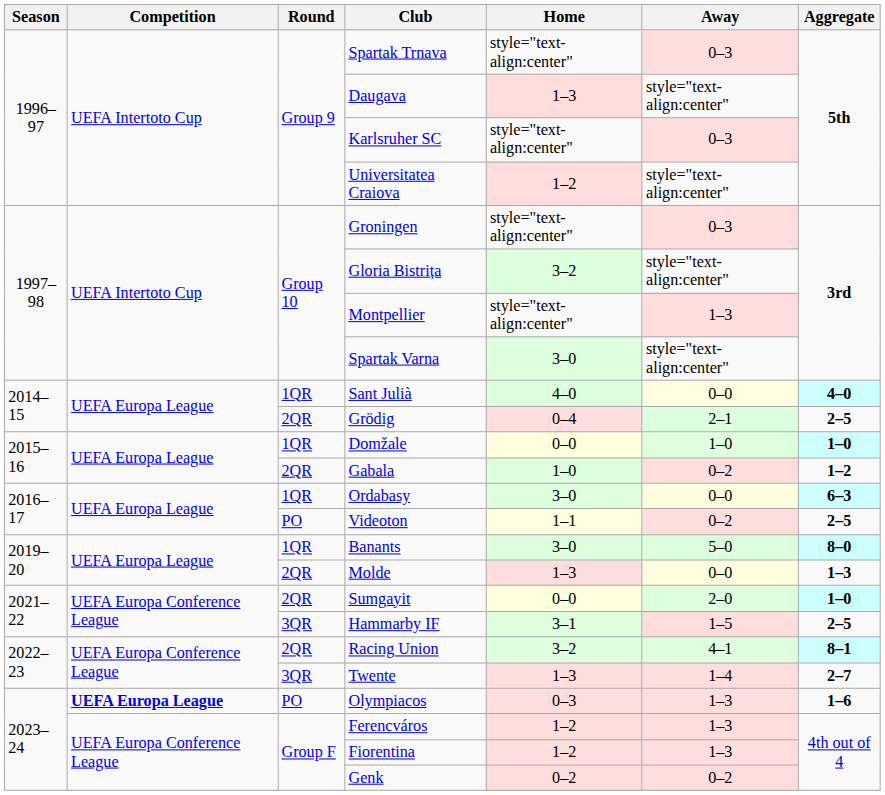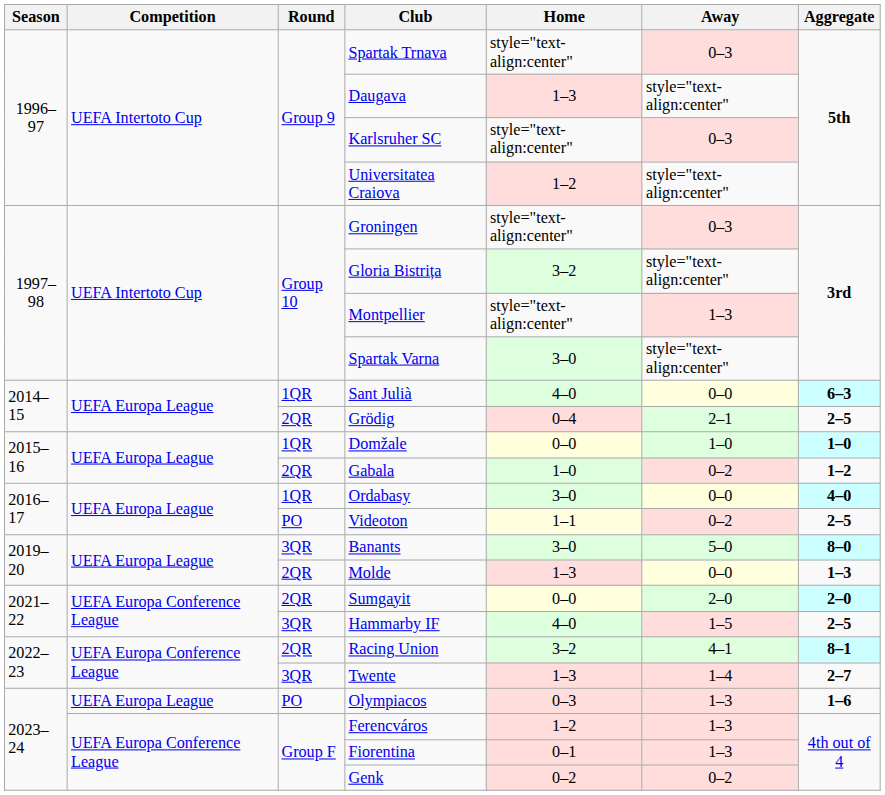 <table class="wikitable" style="text-align:left">
 <tr ! Home>
 <th>Season</th>
 <th>Competition</th>
 <th>Round</th>
 <th>Club</th>
 <th>Home</th>
 <th>Away</th>
 <th>Aggregate</th>
 </tr>
 <tr>
 <td rowspan="4" style="text-align:center">1996–97</td>
 <td rowspan="4"><a href='#'>UEFA Intertoto Cup</a></td>
 <td rowspan="4"><a href='#'>Group 9</a></td>
 <td> <a href='#'>Spartak Trnava</a></td>
 <td>style="text-align:center" </td>
 <td style="text-align:center; background:#fdd">0–3</td>
 <td style="text-align:center" rowspan="4"><strong>5th</strong></td>
 </tr>
 <tr>
 <td> <a href='#'>Daugava</a></td>
 <td style="text-align:center; background:#fdd">1–3</td>
 <td>style="text-align:center" </td>
 </tr>
 <tr>
 <td> <a href='#'>Karlsruher SC</a></td>
 <td>style="text-align:center" </td>
 <td style="text-align:center; background:#fdd">0–3</td>
 </tr>
 <tr>
 <td> <a href='#'>Universitatea Craiova</a></td>
 <td style="text-align:center; background:#fdd">1–2</td>
 <td>style="text-align:center" </td>
 </tr>
 <tr>
 <td rowspan="4" style="text-align:center">1997–98</td>
 <td rowspan="4"><a href='#'>UEFA Intertoto Cup</a></td>
 <td rowspan="4"><a href='#'>Group 10</a></td>
 <td> <a href='#'>Groningen</a></td>
 <td>style="text-align:center" </td>
 <td style="text-align:center; background:#fdd">0–3</td>
 <td rowspan="4" align="center"><strong>3rd</strong></td>
 </tr>
 <tr>
 <td> <a href='#'>Gloria Bistrița</a></td>
 <td style="text-align:center; background:#dfd">3–2</td>
 <td>style="text-align:center" </td>
 </tr>
 <tr>
 <td> <a href='#'>Montpellier</a></td>
 <td>style="text-align:center" </td>
 <td style="text-align:center; background:#fdd">1–3</td>
 </tr>
 <tr>
 <td> <a href='#'>Spartak Varna</a></td>
 <td style="text-align:center; background:#dfd">3–0</td>
 <td>style="text-align:center" </td>
 </tr>
 <tr>
 <td rowspan="2">2014–15</td>
 <td rowspan="2"><a href='#'>UEFA Europa League</a></td>
 <td><a href='#'>1QR</a></td>
 <td> <a href='#'>Sant Julià</a></td>
 <td style="text-align:center; background:#dfd">4–0</td>
 <td style="text-align:center; background:#ffd">0–0</td>
-<td style="background-color:#CFF" align="center"><strong>4–0</strong></td>
+<td style="background-color:#CFF" align="center"><strong>6–3</strong></td>
 </tr>
 <tr>
 <td><a href='#'>2QR</a></td>
 <td> <a href='#'>Grödig</a></td>
 <td style="text-align:center; background:#fdd">0–4</td>
 <td style="text-align:center; background:#dfd">2–1</td>
 <td style="text-align:center"><strong>2–5</strong></td>
 </tr>
 <tr>
 <td rowspan="2">2015–16</td>
 <td rowspan="2"><a href='#'>UEFA Europa League</a></td>
 <td><a href='#'>1QR</a></td>
 <td> <a href='#'>Domžale</a></td>
 <td style="text-align:center; background:#ffd">0–0</td>
 <td style="text-align:center; background:#dfd">1–0</td>
 <td style="background-color:#CFF" align="center"><strong>1–0</strong></td>
 </tr>
 <tr>
 <td><a href='#'>2QR</a></td>
 <td> <a href='#'>Gabala</a></td>
 <td style="text-align:center; background:#dfd">1–0</td>
 <td style="text-align:center; background:#fdd">0–2</td>
 <td style="text-align:center"><strong>1–2</strong></td>
 </tr>
 <tr>
 <td rowspan="2">2016–17</td>
 <td rowspan="2"><a href='#'>UEFA Europa League</a></td>
 <td><a href='#'>1QR</a></td>
 <td> <a href='#'>Ordabasy</a></td>
 <td style="text-align:center; background:#dfd">3–0</td>
 <td style="text-align:center; background:#ffd">0–0</td>
-<td style="background-color:#CFF" align="center"><strong>6–3</strong></td>
+<td style="background-color:#CFF" align="center"><strong>4–0</strong></td>
 </tr>
 <tr>
 <td><a href='#'>PO</a></td>
 <td> <a href='#'>Videoton</a></td>
 <td style="text-align:center; background:#ffd">1–1</td>
 <td style="text-align:center; background:#fdd">0–2</td>
 <td style="text-align:center"><strong>2–5</strong></td>
 </tr>
 <tr>
 <td rowspan="2">2019–20</td>
 <td rowspan="2"><a href='#'>UEFA Europa League</a></td>
-<td><a href='#'>1QR</a></td>
+<td><a href='#'>3QR</a></td>
 <td> <a href='#'>Banants</a></td>
 <td style="text-align:center; background:#dfd">3–0</td>
 <td style="text-align:center; background:#dfd">5–0</td>
 <td style="background-color:#CFF" align="center"><strong>8–0</strong></td>
 </tr>
 <tr>
 <td><a href='#'>2QR</a></td>
 <td> <a href='#'>Molde</a></td>
 <td style="text-align:center; background:#fdd">1–3</td>
 <td style="text-align:center; background:#ffd">0–0</td>
 <td align="center"><strong>1–3</strong></td>
 </tr>
 <tr>
 <td rowspan="2">2021–22</td>
 <td rowspan="2"><a href='#'>UEFA Europa Conference League</a></td>
 <td><a href='#'>2QR</a></td>
 <td> <a href='#'>Sumgayit</a></td>
 <td style="text-align:center; background:#ffd">0–0</td>
 <td style="text-align:center; background:#dfd">2–0</td>
-<td style="background-color:#CFF" align="center"><strong>1–0</strong></td>
+<td style="background-color:#CFF" align="center"><strong>2–0</strong></td>
 </tr>
 <tr>
 <td><a href='#'>3QR</a></td>
 <td> <a href='#'>Hammarby IF</a></td>
-<td style="text-align:center; background:#dfd">3–1</td>
+<td style="text-align:center; background:#dfd">4–0</td>
 <td style="text-align:center; background:#fdd">1–5</td>
 <td style="text-align:center"><strong>2–5</strong></td>
 </tr>
 <tr>
 <td rowspan="2">2022–23</td>
 <td rowspan="2"><a href='#'>UEFA Europa Conference League</a></td>
 <td><a href='#'>2QR</a></td>
 <td> <a href='#'>Racing Union</a></td>
 <td style="text-align:center; background:#dfd">3–2</td>
 <td style="text-align:center; background:#dfd">4–1</td>
 <td style="background-color:#CFF" align="center"><strong>8–1</strong></td>
 </tr>
 <tr>
 <td><a href='#'>3QR</a></td>
 <td> <a href='#'>Twente</a></td>
 <td style="text-align:center; background:#fdd">1–3</td>
 <td style="text-align:center; background:#fdd">1–4</td>
 <td align="center"><strong>2–7</strong></td>
 </tr>
 <tr>
 <td rowspan="4">2023–24</td>
-<td><strong><a href='#'>UEFA Europa League</a></strong></td>
+<td><a href='#'>UEFA Europa League</a></td>
 <td><a href='#'>PO</a></td>
 <td> <a href='#'>Olympiacos</a></td>
 <td style="text-align:center; background:#fdd">0–3</td>
 <td style="text-align:center; background:#fdd">1–3</td>
 <td align="center"><strong>1–6</strong></td>
 </tr>
 <tr>
 <td rowspan="3"><a href='#'>UEFA Europa Conference League</a></td>
 <td rowspan="3"><a href='#'>Group F</a></td>
 <td> <a href='#'>Ferencváros</a></td>
 <td style="text-align:center; background:#fdd">1–2</td>
 <td style="text-align:center; background:#fdd">1–3</td>
 <td style="text-align:center" rowspan="3"><a href='#'>4th out of 4</a></td>
 </tr>
 <tr>
 <td> <a href='#'>Fiorentina</a></td>
-<td style="text-align:center; background:#fdd">1–2</td>
+<td style="text-align:center; background:#fdd">0–1</td>
 <td style="text-align:center; background:#fdd">1–3</td>
 </tr>
 <tr>
 <td> <a href='#'>Genk</a></td>
 <td style="text-align:center; background:#fdd">0–2</td>
 <td style="text-align:center; background:#fdd">0–2</td>
 </tr>
 </table>
